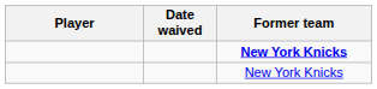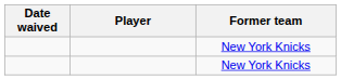 <table class="wikitable sortable" style="text-align:center">
 <tr>
+<th style="width:80px">Date waived</th>
 <th style="width:160px">Player</th>
-<th style="width:80px">Date waived</th>
 <th style="width:180px">Former team</th>
 </tr>
 <tr>
+<td></td>
 <td align=left></td>
-<td></td>
-<td><strong><a href='#'>New York Knicks</a></strong></td>
+<td><a href='#'>New York Knicks</a></td>
 </tr>
 <tr>
+<td></td>
 <td align=left></td>
-<td></td>
 <td><a href='#'>New York Knicks</a></td>
 </tr>
 </table>
